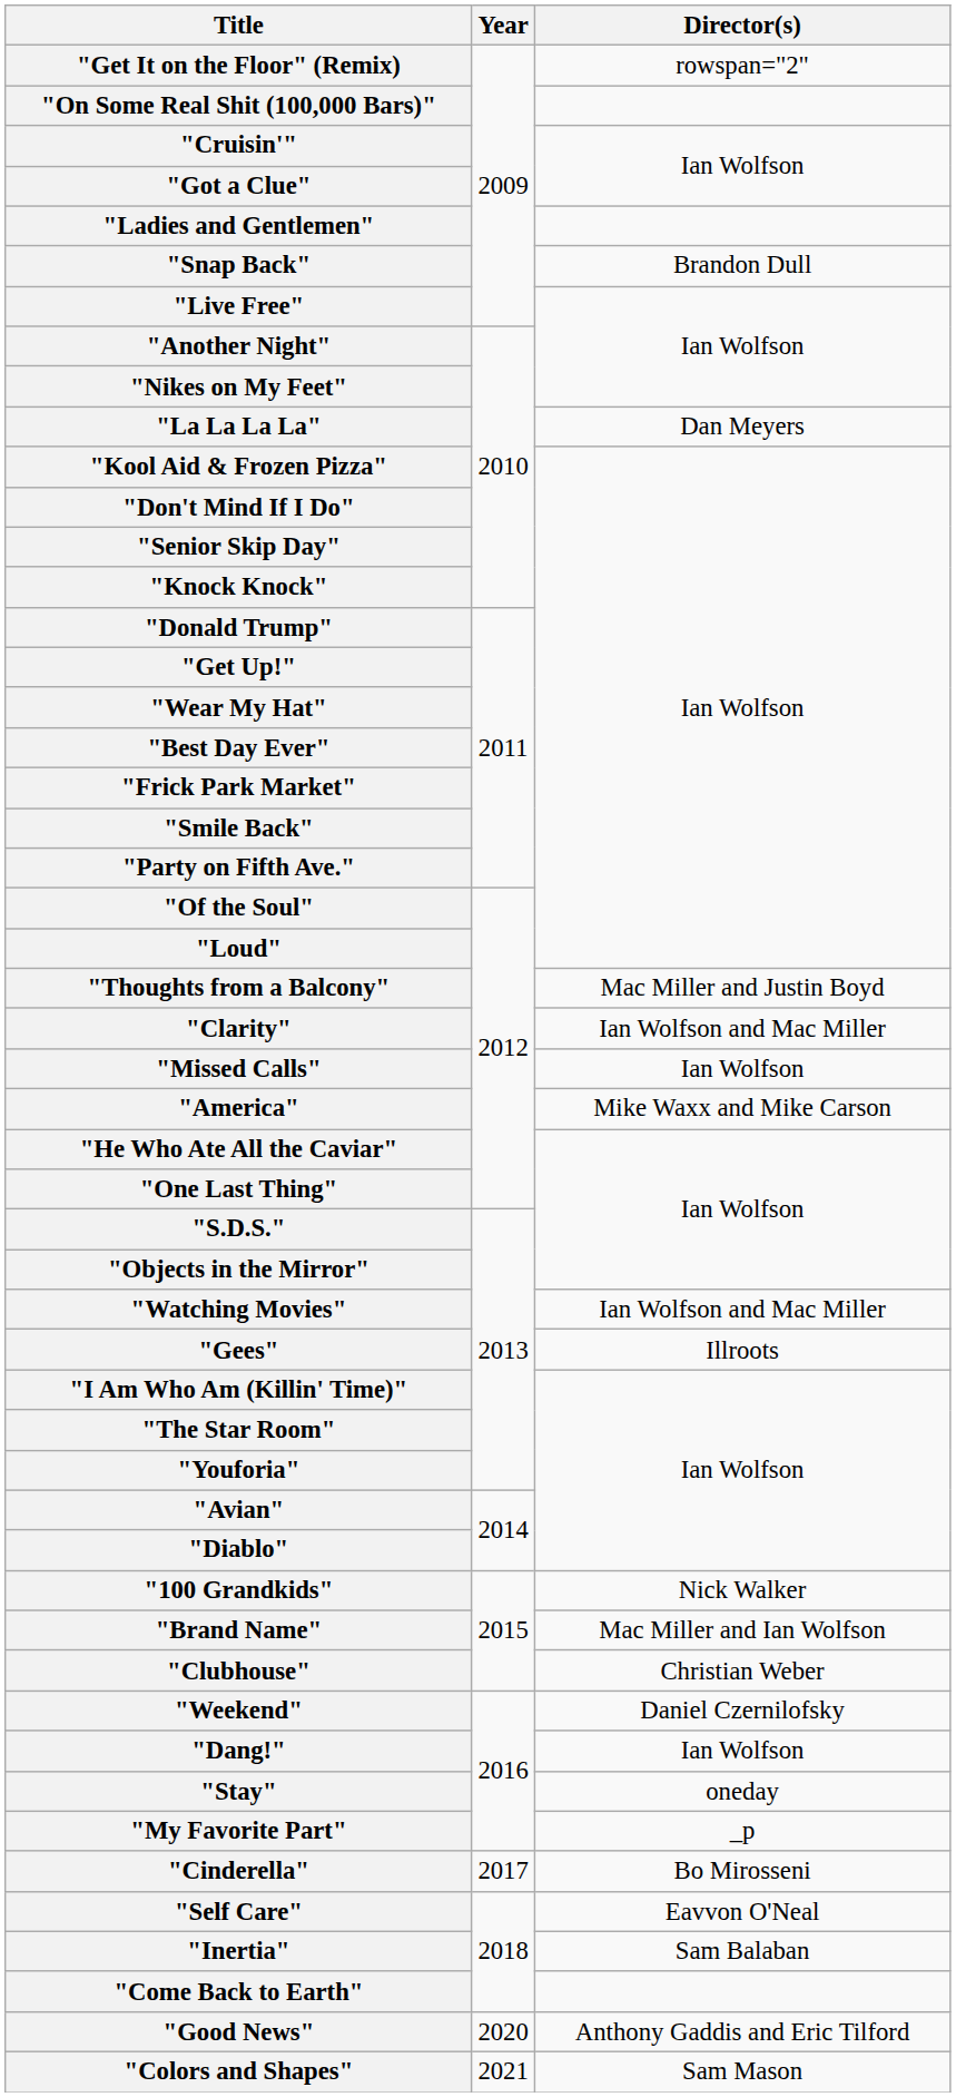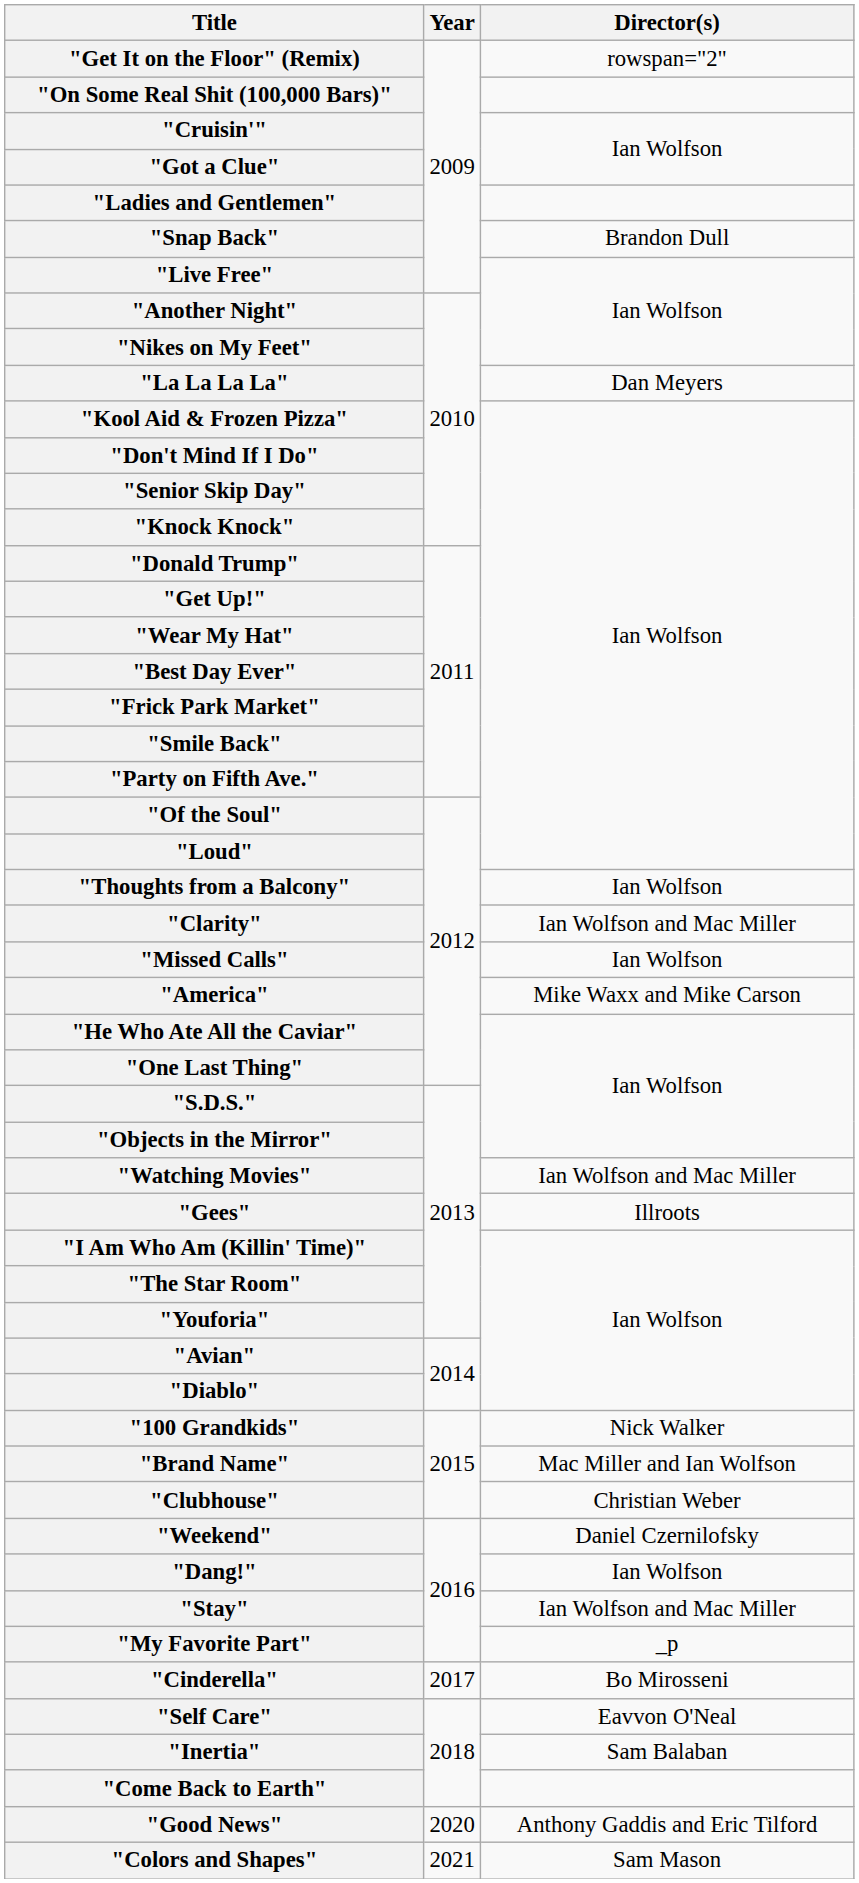 <table class="wikitable plainrowheaders" style="text-align:center;">
 <tr>
 <th scope="col" style="width:18em;">Title</th>
 <th scope="col">Year</th>
 <th scope="col" style="width:16em;">Director(s)</th>
 </tr>
 <tr>
 <th scope="row">"Get It on the Floor" (Remix)</th>
 <td rowspan="7">2009</td>
 <td>rowspan="2" </td>
 </tr>
 <tr>
 <th scope="row">"On Some Real Shit (100,000 Bars)"</th>
 </tr>
 <tr>
 <th scope="row">"Cruisin'"</th>
 <td rowspan="2">Ian Wolfson</td>
 </tr>
 <tr>
 <th scope="row">"Got a Clue"</th>
 </tr>
 <tr>
 <th scope="row">"Ladies and Gentlemen"</th>
 <td></td>
 </tr>
 <tr>
 <th scope="row">"Snap Back"</th>
 <td>Brandon Dull</td>
 </tr>
 <tr>
 <th scope="row">"Live Free"</th>
 <td rowspan="3">Ian Wolfson</td>
 </tr>
 <tr>
 <th scope="row">"Another Night"</th>
 <td rowspan="7">2010</td>
 </tr>
 <tr>
 <th scope="row">"Nikes on My Feet"</th>
 </tr>
 <tr>
 <th scope="row">"La La La La"</th>
 <td>Dan Meyers</td>
 </tr>
 <tr>
 <th scope="row">"Kool Aid & Frozen Pizza"</th>
 <td rowspan="13">Ian Wolfson</td>
 </tr>
 <tr>
 <th scope="row">"Don't Mind If I Do"</th>
 </tr>
 <tr>
 <th scope="row">"Senior Skip Day"</th>
 </tr>
 <tr>
 <th scope="row">"Knock Knock"</th>
 </tr>
 <tr>
 <th scope="row">"Donald Trump"</th>
 <td rowspan="7">2011</td>
 </tr>
 <tr>
 <th scope="row">"Get Up!"</th>
 </tr>
 <tr>
 <th scope="row">"Wear My Hat"</th>
 </tr>
 <tr>
 <th scope="row">"Best Day Ever"</th>
 </tr>
 <tr>
 <th scope="row">"Frick Park Market"</th>
 </tr>
 <tr>
 <th scope="row">"Smile Back"</th>
 </tr>
 <tr>
 <th scope="row">"Party on Fifth Ave."</th>
 </tr>
 <tr>
 <th scope="row">"Of the Soul"</th>
 <td rowspan="8">2012</td>
 </tr>
 <tr>
 <th scope="row">"Loud"</th>
 </tr>
 <tr>
 <th scope="row">"Thoughts from a Balcony"</th>
-<td>Mac Miller and Justin Boyd</td>
+<td>Ian Wolfson</td>
 </tr>
 <tr>
 <th scope="row">"Clarity"</th>
 <td>Ian Wolfson and Mac Miller</td>
 </tr>
 <tr>
 <th scope="row">"Missed Calls"</th>
 <td>Ian Wolfson</td>
 </tr>
 <tr>
 <th scope="row">"America"<br></th>
 <td>Mike Waxx and Mike Carson</td>
 </tr>
 <tr>
 <th scope="row">"He Who Ate All the Caviar"</th>
 <td rowspan="4">Ian Wolfson</td>
 </tr>
 <tr>
 <th scope="row">"One Last Thing"</th>
 </tr>
 <tr>
 <th scope="row">"S.D.S."</th>
 <td rowspan="7">2013</td>
 </tr>
 <tr>
 <th scope="row">"Objects in the Mirror"</th>
 </tr>
 <tr>
 <th scope="row">"Watching Movies"</th>
 <td>Ian Wolfson and Mac Miller</td>
 </tr>
 <tr>
 <th scope="row">"Gees"<br></th>
 <td>Illroots</td>
 </tr>
 <tr>
 <th scope="row">"I Am Who Am (Killin' Time)"<br></th>
 <td rowspan="5">Ian Wolfson</td>
 </tr>
 <tr>
 <th scope="row">"The Star Room"<br></th>
 </tr>
 <tr>
 <th scope="row">"Youforia"</th>
 </tr>
 <tr>
 <th scope="row">"Avian"</th>
 <td rowspan="2">2014</td>
 </tr>
 <tr>
 <th scope="row">"Diablo"</th>
 </tr>
 <tr>
 <th scope="row">"100 Grandkids"</th>
 <td rowspan="3">2015</td>
 <td>Nick Walker</td>
 </tr>
 <tr>
 <th scope="row">"Brand Name"</th>
 <td>Mac Miller and Ian Wolfson</td>
 </tr>
 <tr>
 <th scope="row">"Clubhouse"</th>
 <td>Christian Weber</td>
 </tr>
 <tr>
 <th scope="row">"Weekend"<br></th>
 <td rowspan="4">2016</td>
 <td>Daniel Czernilofsky</td>
 </tr>
 <tr>
 <th scope="row">"Dang!"<br></th>
 <td>Ian Wolfson</td>
 </tr>
 <tr>
 <th scope="row">"Stay"</th>
-<td>oneday</td>
+<td>Ian Wolfson and Mac Miller</td>
 </tr>
 <tr>
 <th scope="row">"My Favorite Part"<br></th>
 <td>_p</td>
 </tr>
 <tr>
 <th scope="row">"Cinderella"<br></th>
 <td>2017</td>
 <td>Bo Mirosseni</td>
 </tr>
 <tr>
 <th scope="row">"Self Care"</th>
 <td rowspan="3">2018</td>
 <td>Eavvon O'Neal</td>
 </tr>
 <tr>
 <th scope="row">"Inertia"</th>
 <td>Sam Balaban</td>
 </tr>
 <tr>
 <th scope="row">"Come Back to Earth"</th>
 <td></td>
 </tr>
 <tr>
 <th scope="row">"Good News"</th>
 <td>2020</td>
 <td>Anthony Gaddis and Eric Tilford</td>
 </tr>
 <tr>
 <th scope="row">"Colors and Shapes"</th>
 <td>2021</td>
 <td>Sam Mason</td>
 </tr>
 </table>
